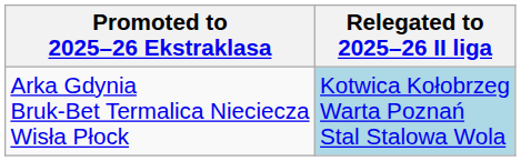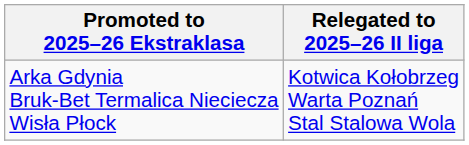 <table class="wikitable">
 <tr>
 <th>Promoted to<br><a href='#'>2025–26 Ekstraklasa</a></th>
 <th>Relegated to<br><a href='#'>2025–26 II liga</a></th>
 </tr>
 <tr>
 <td> <a href='#'>Arka Gdynia</a> <br> <a href='#'>Bruk-Bet Termalica Nieciecza</a> <br> <a href='#'>Wisła Płock</a> </td>
-<td style="background: lightblue;"> <a href='#'>Kotwica Kołobrzeg</a> <br> <a href='#'>Warta Poznań</a> <br> <a href='#'>Stal Stalowa Wola</a> </td>
+<td> <a href='#'>Kotwica Kołobrzeg</a> <br> <a href='#'>Warta Poznań</a> <br> <a href='#'>Stal Stalowa Wola</a> </td>
 </tr>
 </table>
